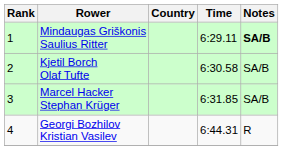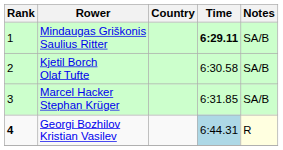 <table class="wikitable">
 <tr>
 <th>Rank</th>
 <th>Rower</th>
 <th>Country</th>
 <th>Time</th>
 <th>Notes</th>
 </tr>
 <tr bgcolor=ccffcc>
 <td>1</td>
 <td><a href='#'>Mindaugas Griškonis</a><br><a href='#'>Saulius Ritter</a></td>
 <td></td>
-<td>6:29.11</td>
-<td><strong>SA/B</strong></td>
+<td><strong>6:29.11</strong></td>
+<td>SA/B</td>
 </tr>
 <tr bgcolor=ccffcc>
 <td>2</td>
 <td><a href='#'>Kjetil Borch</a><br><a href='#'>Olaf Tufte</a></td>
 <td></td>
 <td>6:30.58</td>
 <td>SA/B</td>
 </tr>
 <tr bgcolor=ccffcc>
 <td>3</td>
 <td><a href='#'>Marcel Hacker</a><br><a href='#'>Stephan Krüger</a></td>
 <td></td>
 <td>6:31.85</td>
 <td>SA/B</td>
 </tr>
 <tr>
-<td>4</td>
+<td><strong>4</strong></td>
 <td><a href='#'>Georgi Bozhilov</a><br><a href='#'>Kristian Vasilev</a></td>
 <td></td>
-<td>6:44.31</td>
-<td>R</td>
+<td style="background: lightblue;">6:44.31</td>
+<td style="background: lightyellow;">R</td>
 </tr>
 <tr>
 </tr>
 </table>
